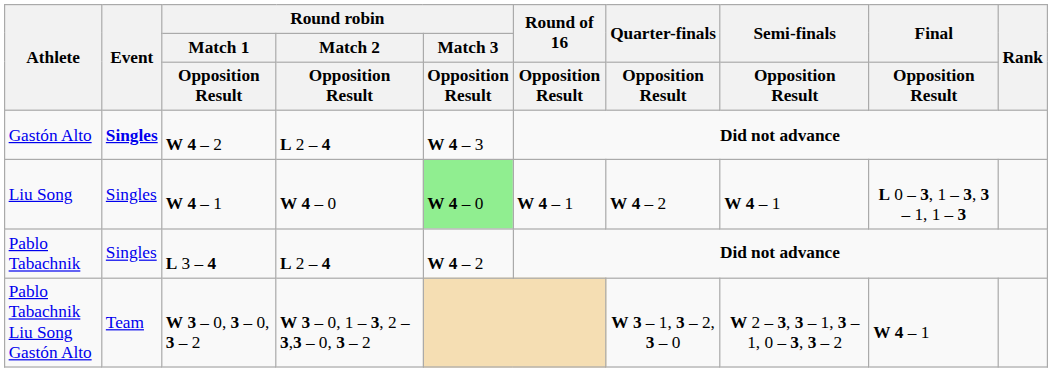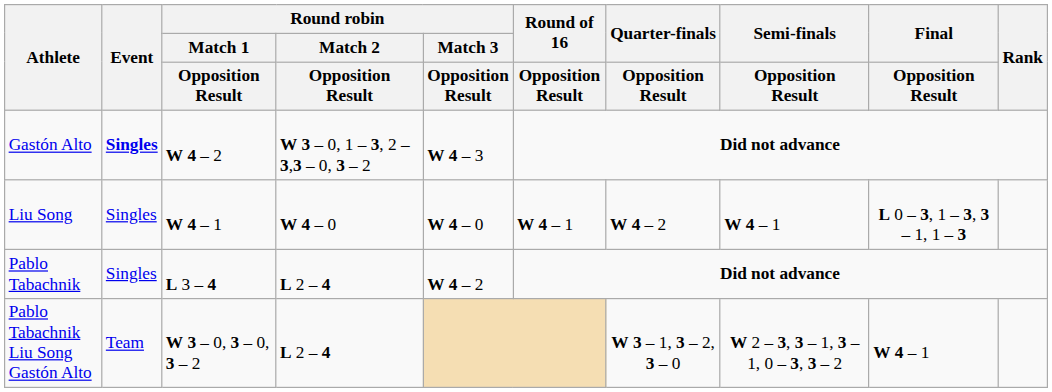 <table class="wikitable" border="1" style="font-size:90%">
 <tr>
 <th rowspan=3>Athlete</th>
 <th rowspan=3>Event</th>
 <th colspan=3>Round robin</th>
 <th rowspan=2>Round of 16</th>
 <th rowspan=2>Quarter-finals</th>
 <th rowspan=2>Semi-finals</th>
 <th rowspan=2>Final</th>
 <th rowspan=3>Rank</th>
 </tr>
 <tr>
 <th>Match 1</th>
 <th>Match 2</th>
 <th>Match 3</th>
 </tr>
 <tr>
 <th>Opposition<br>Result</th>
 <th>Opposition<br>Result</th>
 <th>Opposition<br>Result</th>
 <th>Opposition<br>Result</th>
 <th>Opposition<br>Result</th>
 <th>Opposition<br>Result</th>
 <th>Opposition<br>Result</th>
 </tr>
 <tr>
 <td><a href='#'>Gastón Alto</a></td>
 <td><strong><a href='#'>Singles</a></strong></td>
 <td><br><strong>W</strong> <strong>4</strong> – 2</td>
-<td><br><strong>L</strong> 2 – <strong>4</strong></td>
+<td><br> <strong>W</strong> <strong>3</strong> – 0, 1 – <strong>3</strong>, 2 – <strong>3</strong>,<strong>3</strong> – 0, <strong>3</strong> – 2</td>
 <td><br><strong>W</strong> <strong>4</strong> – 3</td>
 <td align="center" colspan="7"><strong>Did not advance</strong></td>
 </tr>
 <tr>
 <td><a href='#'>Liu Song</a></td>
 <td><a href='#'>Singles</a></td>
 <td><br><strong>W</strong> <strong>4</strong> – 1</td>
 <td><br><strong>W</strong> <strong>4</strong> – 0</td>
-<td style="background: lightgreen;"><br><strong>W</strong> <strong>4</strong> – 0</td>
+<td><br><strong>W</strong> <strong>4</strong> – 0</td>
 <td><br><strong>W</strong> <strong>4</strong> – 1</td>
 <td><br><strong>W</strong> <strong>4</strong> – 2</td>
 <td><br><strong>W</strong> <strong>4</strong> – 1</td>
 <td align=center><br> <strong>L</strong> 0 – <strong>3</strong>, 1 – <strong>3</strong>, <strong>3</strong> – 1, 1 – <strong>3</strong></td>
 <td align=center></td>
 </tr>
 <tr>
 <td><a href='#'>Pablo Tabachnik</a></td>
 <td><a href='#'>Singles</a></td>
 <td><br><strong>L</strong> 3 – <strong>4</strong></td>
 <td><br><strong>L</strong> 2 – <strong>4</strong></td>
 <td><br><strong>W</strong> <strong>4</strong> – 2</td>
 <td align="center" colspan="7"><strong>Did not advance</strong></td>
 </tr>
 <tr>
 <td><a href='#'>Pablo Tabachnik</a><br><a href='#'>Liu Song</a><br><a href='#'>Gastón Alto</a></td>
 <td><a href='#'>Team</a></td>
 <td><br> <strong>W</strong> <strong>3</strong> – 0, <strong>3</strong> – 0, <strong>3</strong> – 2</td>
-<td><br> <strong>W</strong> <strong>3</strong> – 0, 1 – <strong>3</strong>, 2 – <strong>3</strong>,<strong>3</strong> – 0, <strong>3</strong> – 2</td>
+<td><br><strong>L</strong> 2 – <strong>4</strong></td>
 <td align=center bgcolor=wheat colspan=2></td>
 <td align=center><br> <strong>W</strong> <strong>3</strong> – 1, <strong>3</strong> – 2, <strong>3</strong> – 0</td>
 <td align=center><br> <strong>W</strong> 2 – <strong>3</strong>, <strong>3</strong> – 1, <strong>3</strong> – 1, 0 – <strong>3</strong>, <strong>3</strong> – 2</td>
 <td><br><strong>W</strong> <strong>4</strong> – 1</td>
 <td align=center></td>
 </tr>
 </table>
